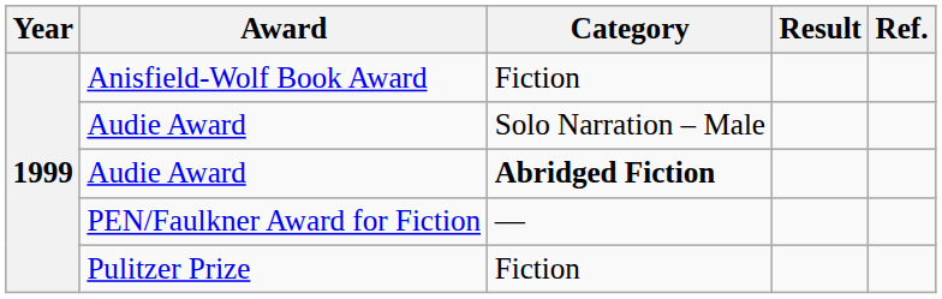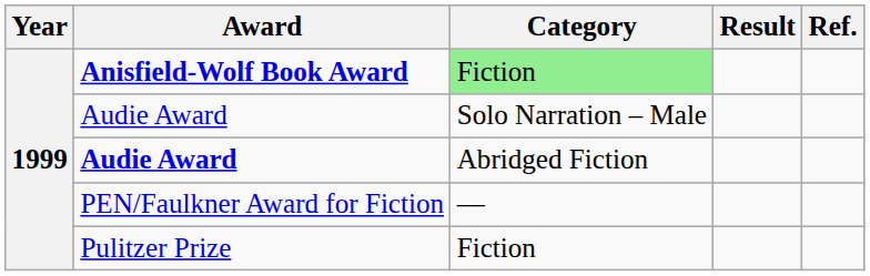 <table class="wikitable sortable">
 <tr>
 <th>Year</th>
 <th>Award</th>
 <th>Category</th>
 <th>Result</th>
 <th>Ref.</th>
 </tr>
 <tr>
 <th rowspan="5">1999</th>
-<td><a href='#'>Anisfield-Wolf Book Award</a></td>
-<td>Fiction</td>
+<td><strong><a href='#'>Anisfield-Wolf Book Award</a></strong></td>
+<td style="background: lightgreen;">Fiction</td>
 <td></td>
 <td></td>
 </tr>
 <tr>
 <td><a href='#'>Audie Award</a></td>
 <td>Solo Narration – Male</td>
 <td></td>
 <td></td>
 </tr>
 <tr>
-<td><a href='#'>Audie Award</a></td>
-<td><strong>Abridged Fiction</strong></td>
+<td><strong><a href='#'>Audie Award</a></strong></td>
+<td>Abridged Fiction</td>
 <td></td>
 <td></td>
 </tr>
 <tr>
 <td><a href='#'>PEN/Faulkner Award for Fiction</a></td>
 <td>—</td>
 <td></td>
 <td></td>
 </tr>
 <tr>
 <td><a href='#'>Pulitzer Prize</a></td>
 <td>Fiction</td>
 <td></td>
 <td></td>
 </tr>
 </table>
